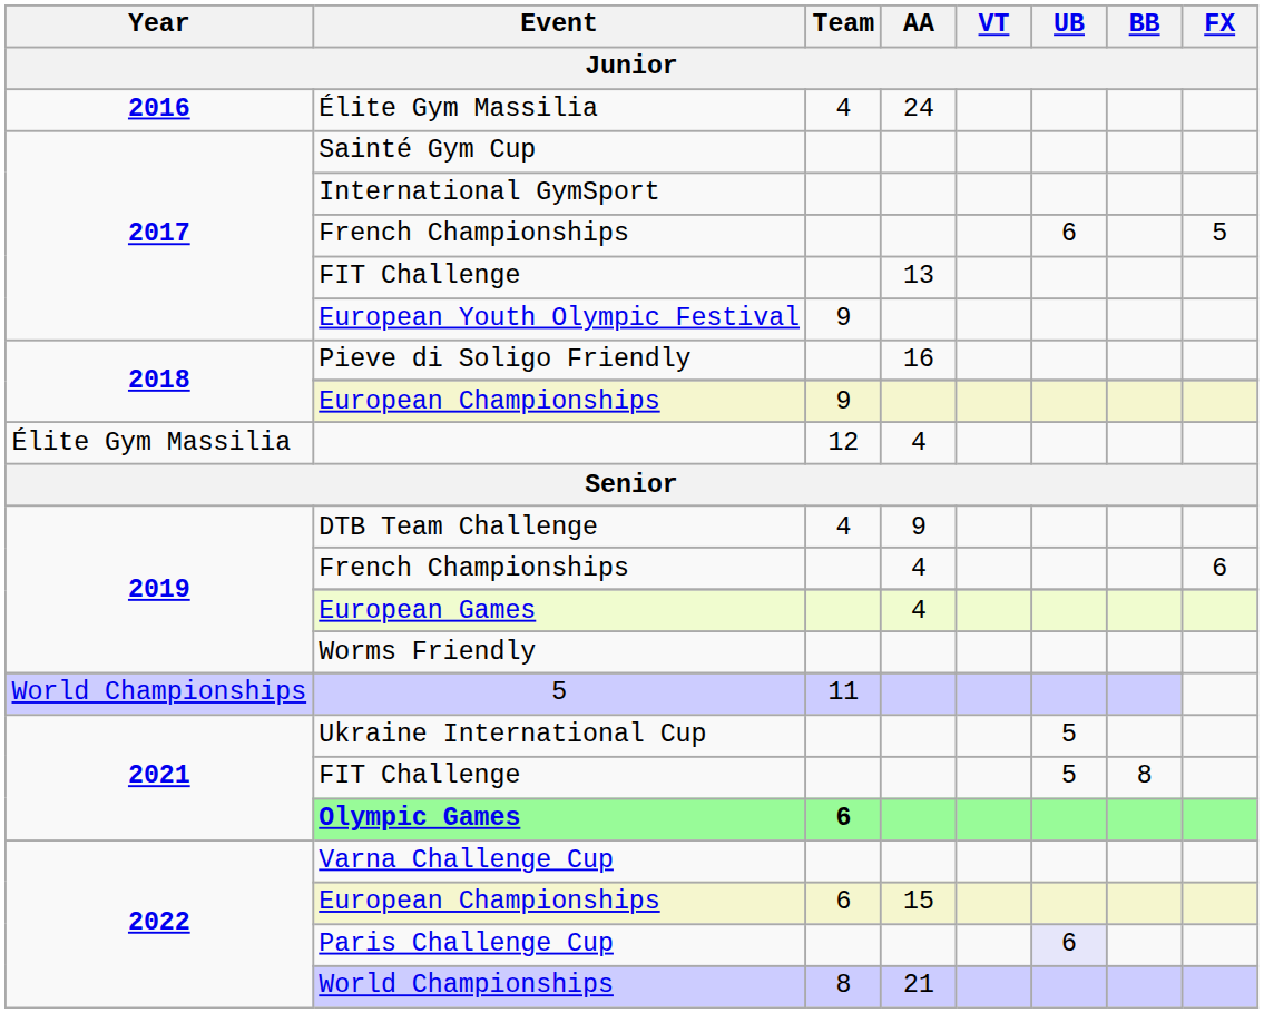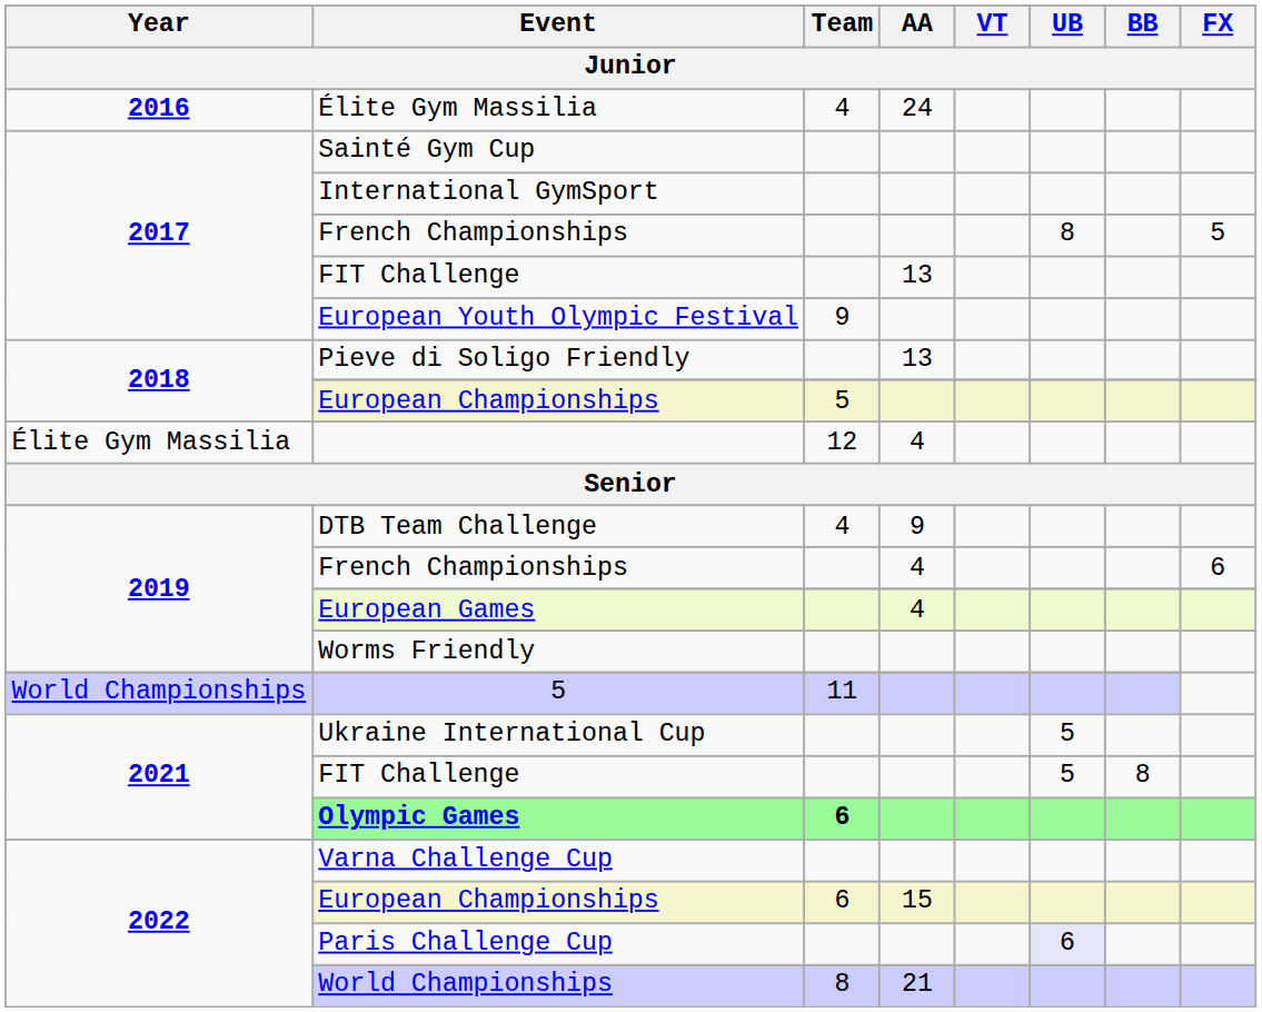 <table class="wikitable" style="text-align:center; font-size:95%;">
 <tr>
 <th align=center>Year</th>
 <th align=center>Event</th>
 <th style="width:30px;">Team</th>
 <th style="width:30px;">AA</th>
 <th style="width:30px;"><a href='#'>VT</a></th>
 <th style="width:30px;"><a href='#'>UB</a></th>
 <th style="width:30px;"><a href='#'>BB</a></th>
 <th style="width:30px;"><a href='#'>FX</a></th>
 </tr>
 <tr>
 <th colspan="8"><strong>Junior</strong></th>
 </tr>
 <tr>
 <td rowspan="1"><strong><a href='#'>2016</a></strong></td>
 <td align=left>Élite Gym Massilia</td>
 <td>4</td>
 <td>24</td>
 <td></td>
 <td></td>
 <td></td>
 <td></td>
 </tr>
 <tr>
 <td rowspan="5"><strong><a href='#'>2017</a></strong></td>
 <td align=left>Sainté Gym Cup</td>
 <td></td>
 <td></td>
 <td></td>
 <td></td>
 <td></td>
 <td></td>
 </tr>
 <tr>
 <td align=left>International GymSport</td>
 <td></td>
 <td></td>
 <td></td>
 <td></td>
 <td></td>
 <td></td>
 </tr>
 <tr>
 <td align=left>French Championships</td>
 <td></td>
 <td></td>
 <td></td>
-<td>6</td>
+<td>8</td>
 <td></td>
 <td>5</td>
 </tr>
 <tr>
 <td align=left>FIT Challenge</td>
 <td></td>
 <td>13</td>
 <td></td>
 <td></td>
 <td></td>
 <td></td>
 </tr>
 <tr>
 <td align=left><a href='#'>European Youth Olympic Festival</a></td>
 <td>9</td>
 <td></td>
 <td></td>
 <td></td>
 <td></td>
 <td></td>
 </tr>
 <tr>
 <td rowspan="3"><strong><a href='#'>2018</a></strong></td>
 <td align=left>Pieve di Soligo Friendly</td>
 <td></td>
-<td>16</td>
+<td>13</td>
 <td></td>
 <td></td>
 <td></td>
 <td></td>
 </tr>
 <tr>
 </tr>
 <tr bgcolor=#F5F6CE>
 <td align=left><a href='#'>European Championships</a></td>
-<td>9</td>
+<td>5</td>
 <td></td>
 <td></td>
 <td></td>
 <td></td>
 <td></td>
 </tr>
 <tr>
 <td align=left>Élite Gym Massilia</td>
 <td></td>
 <td>12</td>
 <td>4</td>
 <td></td>
 <td></td>
 <td></td>
 </tr>
 <tr>
 <th colspan="8"><strong>Senior</strong></th>
 </tr>
 <tr>
 <td rowspan="5"><strong><a href='#'>2019</a></strong></td>
 <td align=left>DTB Team Challenge</td>
 <td>4</td>
 <td>9</td>
 <td></td>
 <td></td>
 <td></td>
 <td></td>
 </tr>
 <tr>
 <td align=left>French Championships</td>
 <td></td>
 <td>4</td>
 <td></td>
 <td></td>
 <td></td>
 <td>6</td>
 </tr>
 <tr>
 </tr>
 <tr bgcolor=#f0fccf>
 <td align=left><a href='#'>European Games</a></td>
 <td></td>
 <td>4</td>
 <td></td>
 <td></td>
 <td></td>
 <td></td>
 </tr>
 <tr>
 <td align=left>Worms Friendly</td>
 <td></td>
 <td></td>
 <td></td>
 <td></td>
 <td></td>
 <td></td>
 </tr>
 <tr>
 </tr>
 <tr bgcolor=#CCCCFF>
 <td align=left><a href='#'>World Championships</a></td>
 <td>5</td>
 <td>11</td>
 <td></td>
 <td></td>
 <td></td>
 <td></td>
 </tr>
 <tr>
 <td rowspan="3"><strong><a href='#'>2021</a></strong></td>
 <td align=left>Ukraine International Cup</td>
 <td></td>
 <td></td>
 <td></td>
 <td>5</td>
 <td></td>
 <td></td>
 </tr>
 <tr>
 <td align=left>FIT Challenge</td>
 <td></td>
 <td></td>
 <td></td>
 <td>5</td>
 <td>8</td>
 <td></td>
 </tr>
 <tr bgcolor=98FB98>
 <td align=left><strong><a href='#'>Olympic Games</a></strong></td>
 <td><strong>6</strong></td>
 <td></td>
 <td></td>
 <td></td>
 <td></td>
 <td></td>
 </tr>
 <tr>
 <td rowspan="4"><strong><a href='#'>2022</a></strong></td>
 <td align=left><a href='#'>Varna Challenge Cup</a></td>
 <td></td>
 <td></td>
 <td></td>
 <td></td>
 <td></td>
 <td></td>
 </tr>
 <tr bgcolor=#F5F6CE>
 <td align=left><a href='#'>European Championships</a></td>
 <td>6</td>
 <td>15</td>
 <td></td>
 <td></td>
 <td></td>
 <td></td>
 </tr>
 <tr>
 <td align=left><a href='#'>Paris Challenge Cup</a></td>
 <td></td>
 <td></td>
 <td></td>
 <td style="background: lavender;">6</td>
 <td></td>
 <td></td>
 </tr>
 <tr bgcolor=#CCCCFF>
 <td align=left><a href='#'>World Championships</a></td>
 <td>8</td>
 <td>21</td>
 <td></td>
 <td></td>
 <td></td>
 <td></td>
 </tr>
 </table>
